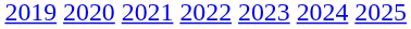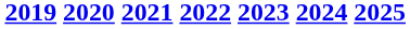 <table id="toc" class="toc" summary="Year">
 <tr>
 <th></th>
 </tr>
 <tr>
-<td align="center"><a href='#'>2019</a>  <a href='#'>2020</a>  <a href='#'>2021</a>  <a href='#'>2022</a>  <a href='#'>2023</a>  <a href='#'>2024</a>  <a href='#'>2025</a></td>
+<td align="center"><strong><a href='#'>2019</a>  <a href='#'>2020</a>  <a href='#'>2021</a>  <a href='#'>2022</a>  <a href='#'>2023</a>  <a href='#'>2024</a>  <a href='#'>2025</a></strong></td>
 </tr>
 </table>
